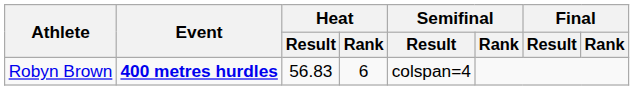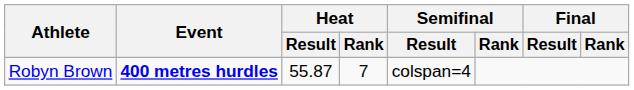 <table class="wikitable" style="font-size:90%">
 <tr>
 <th rowspan="2">Athlete</th>
 <th rowspan="2">Event</th>
 <th colspan="2">Heat</th>
 <th colspan="2">Semifinal</th>
 <th colspan="2">Final</th>
 </tr>
 <tr style="font-size:95%">
 <th>Result</th>
 <th>Rank</th>
 <th>Result</th>
 <th>Rank</th>
 <th>Result</th>
 <th>Rank</th>
 </tr>
 <tr style=text-align:center>
 <td style=text-align:left><a href='#'>Robyn Brown</a></td>
 <td style=text-align:left><strong><a href='#'>400 metres hurdles</a></strong></td>
-<td>56.83</td>
-<td>6</td>
+<td>55.87</td>
+<td>7</td>
 <td>colspan=4 </td>
 </tr>
 </table>
